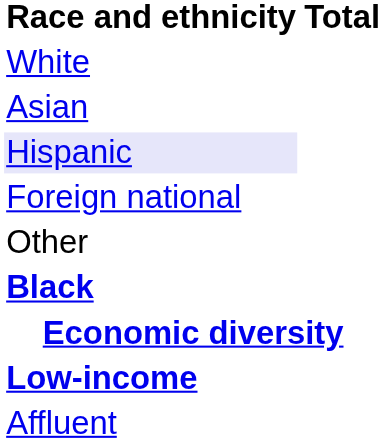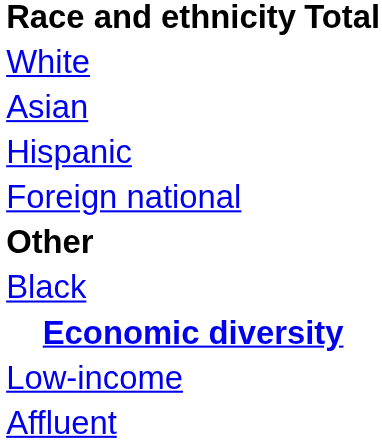 <table font-size:80%;">
 <tr>
 <th>Race and ethnicity</th>
 <th colspan="2" data-sort-type=number>Total</th>
 </tr>
 <tr>
 <td><a href='#'>White</a></td>
 <td align=right></td>
 </tr>
 <tr>
 <td><a href='#'>Asian</a></td>
 <td align=right></td>
 </tr>
 <tr>
-<td style="background: lavender;"><a href='#'>Hispanic</a></td>
+<td><a href='#'>Hispanic</a></td>
 <td align=right></td>
 </tr>
 <tr>
 <td><a href='#'>Foreign national</a></td>
 <td align=right></td>
 </tr>
 <tr>
-<td>Other</td>
+<td><strong>Other</strong></td>
 <td align=right></td>
 </tr>
 <tr>
-<td><strong><a href='#'>Black</a></strong></td>
+<td><a href='#'>Black</a></td>
 <td align=right></td>
 </tr>
 <tr>
 <th colspan="4" data-sort-type=number><a href='#'>Economic diversity</a></th>
 </tr>
 <tr>
-<td><strong><a href='#'>Low-income</a></strong></td>
+<td><a href='#'>Low-income</a></td>
 <td align=right></td>
 </tr>
 <tr>
 <td><a href='#'>Affluent</a></td>
 <td align=right></td>
 </tr>
 </table>
